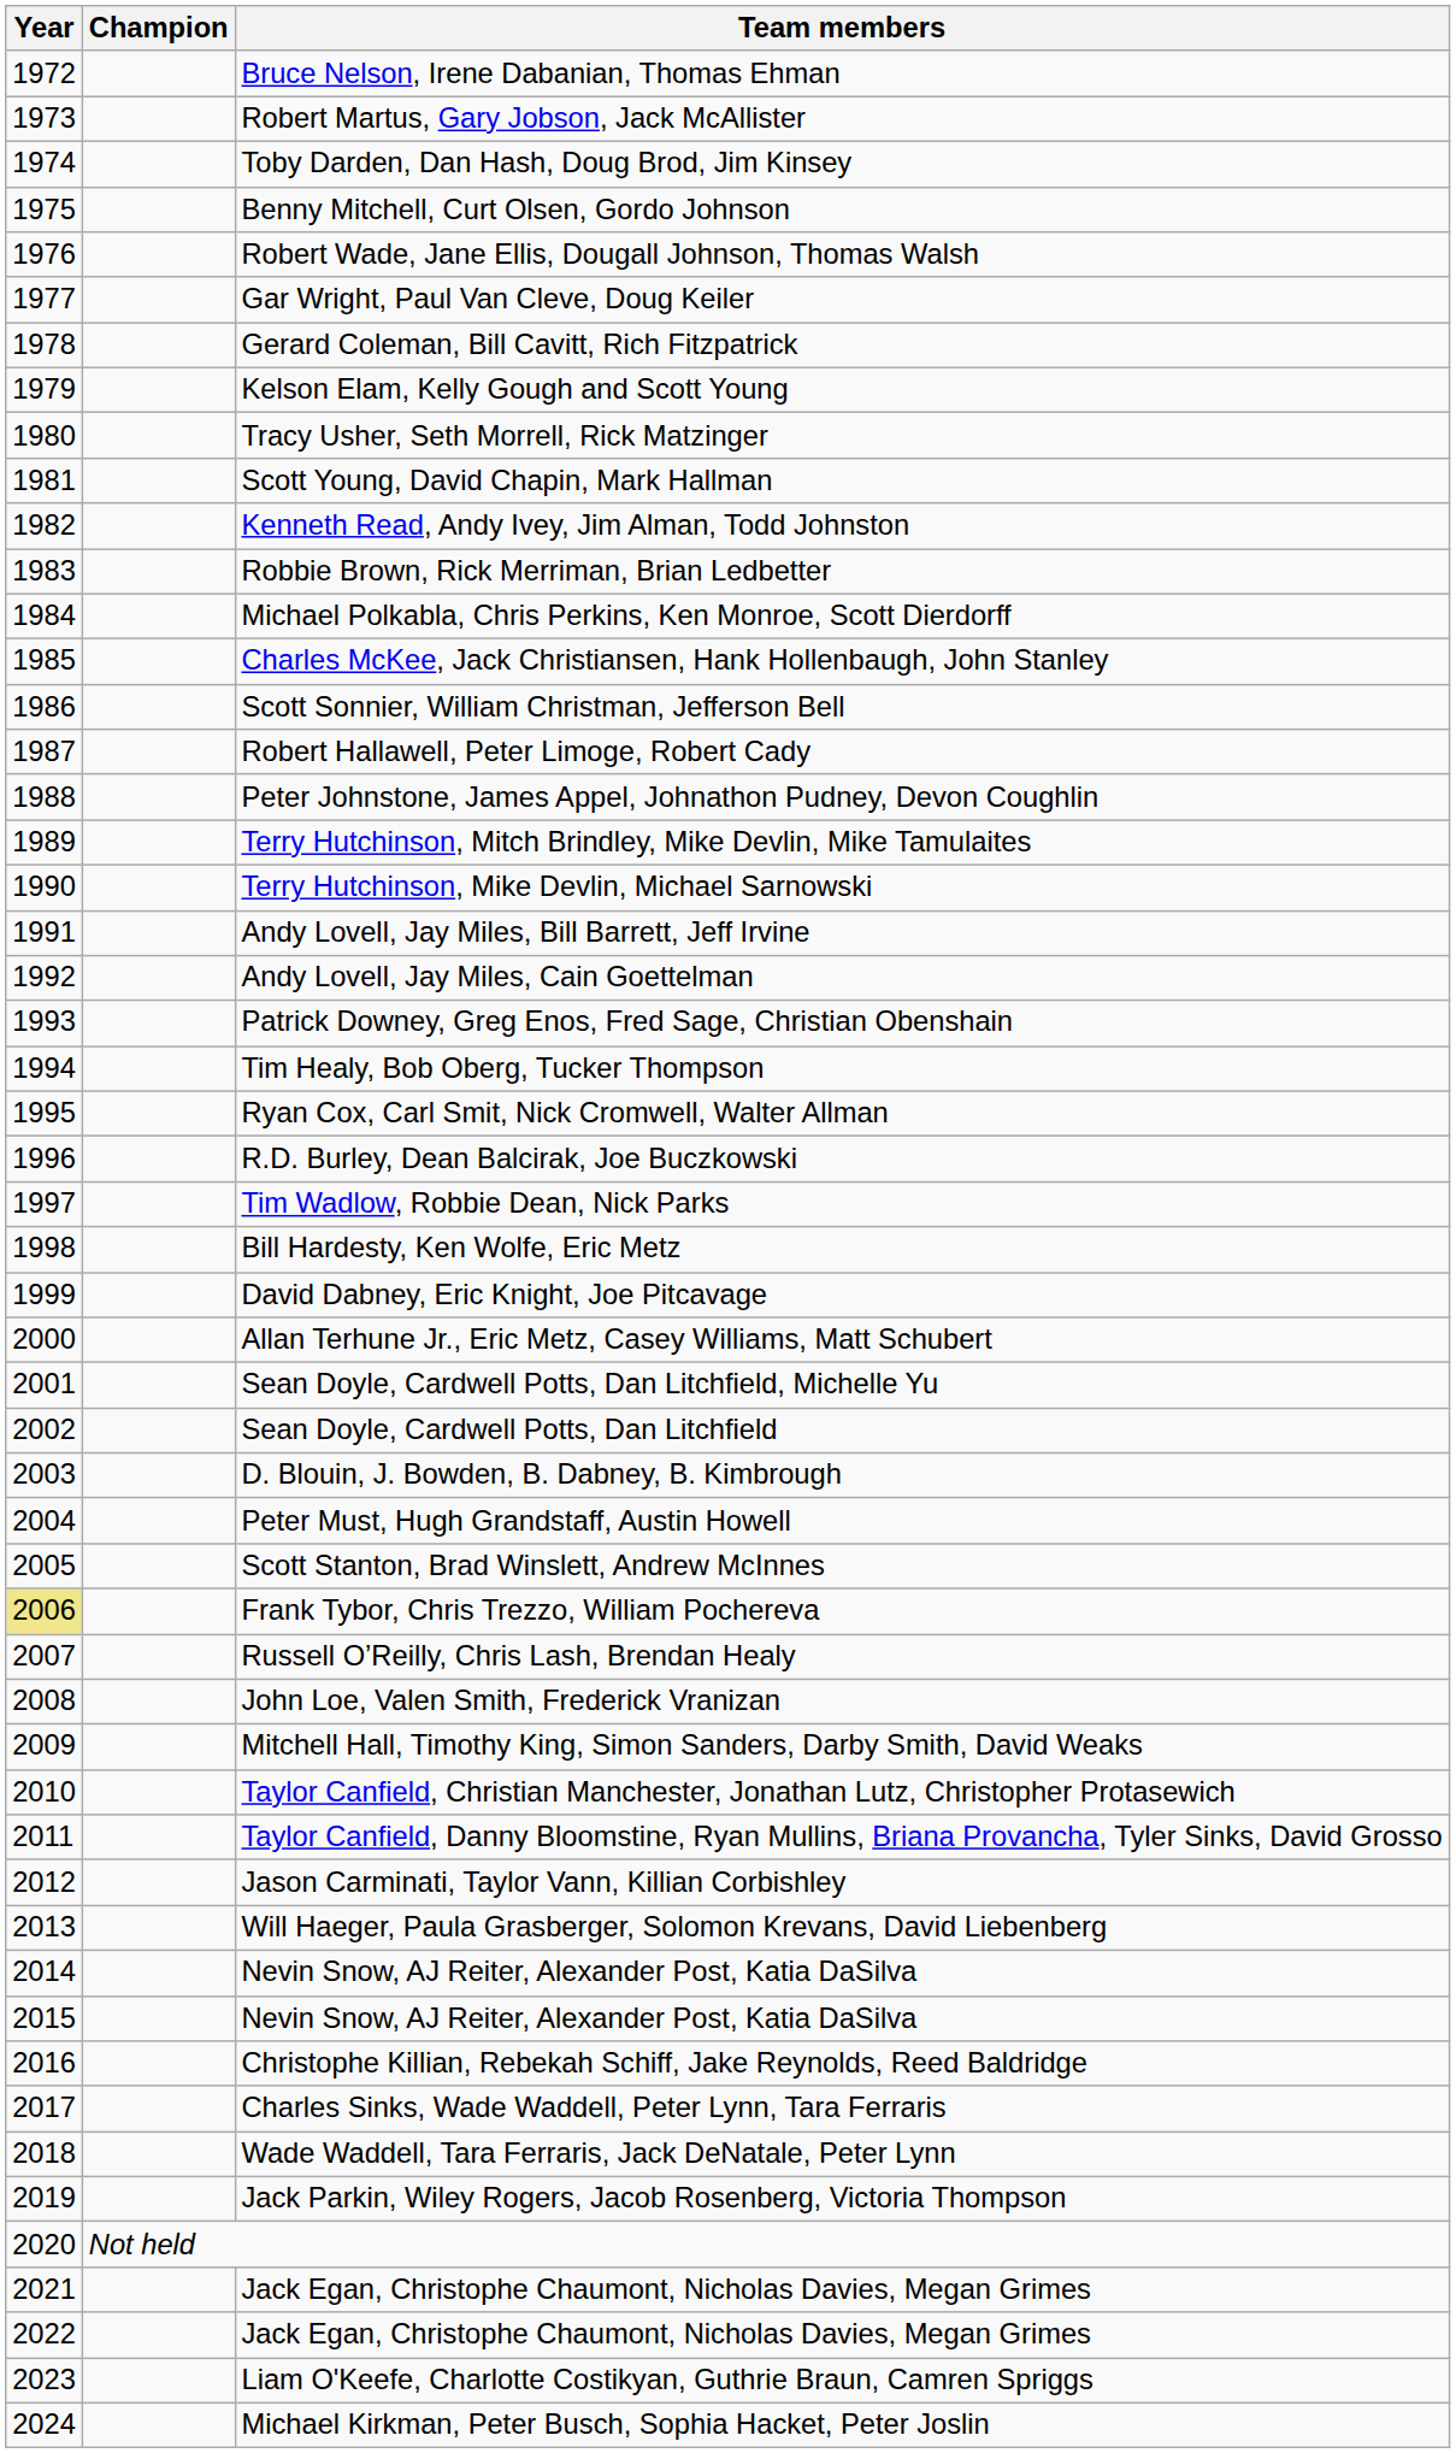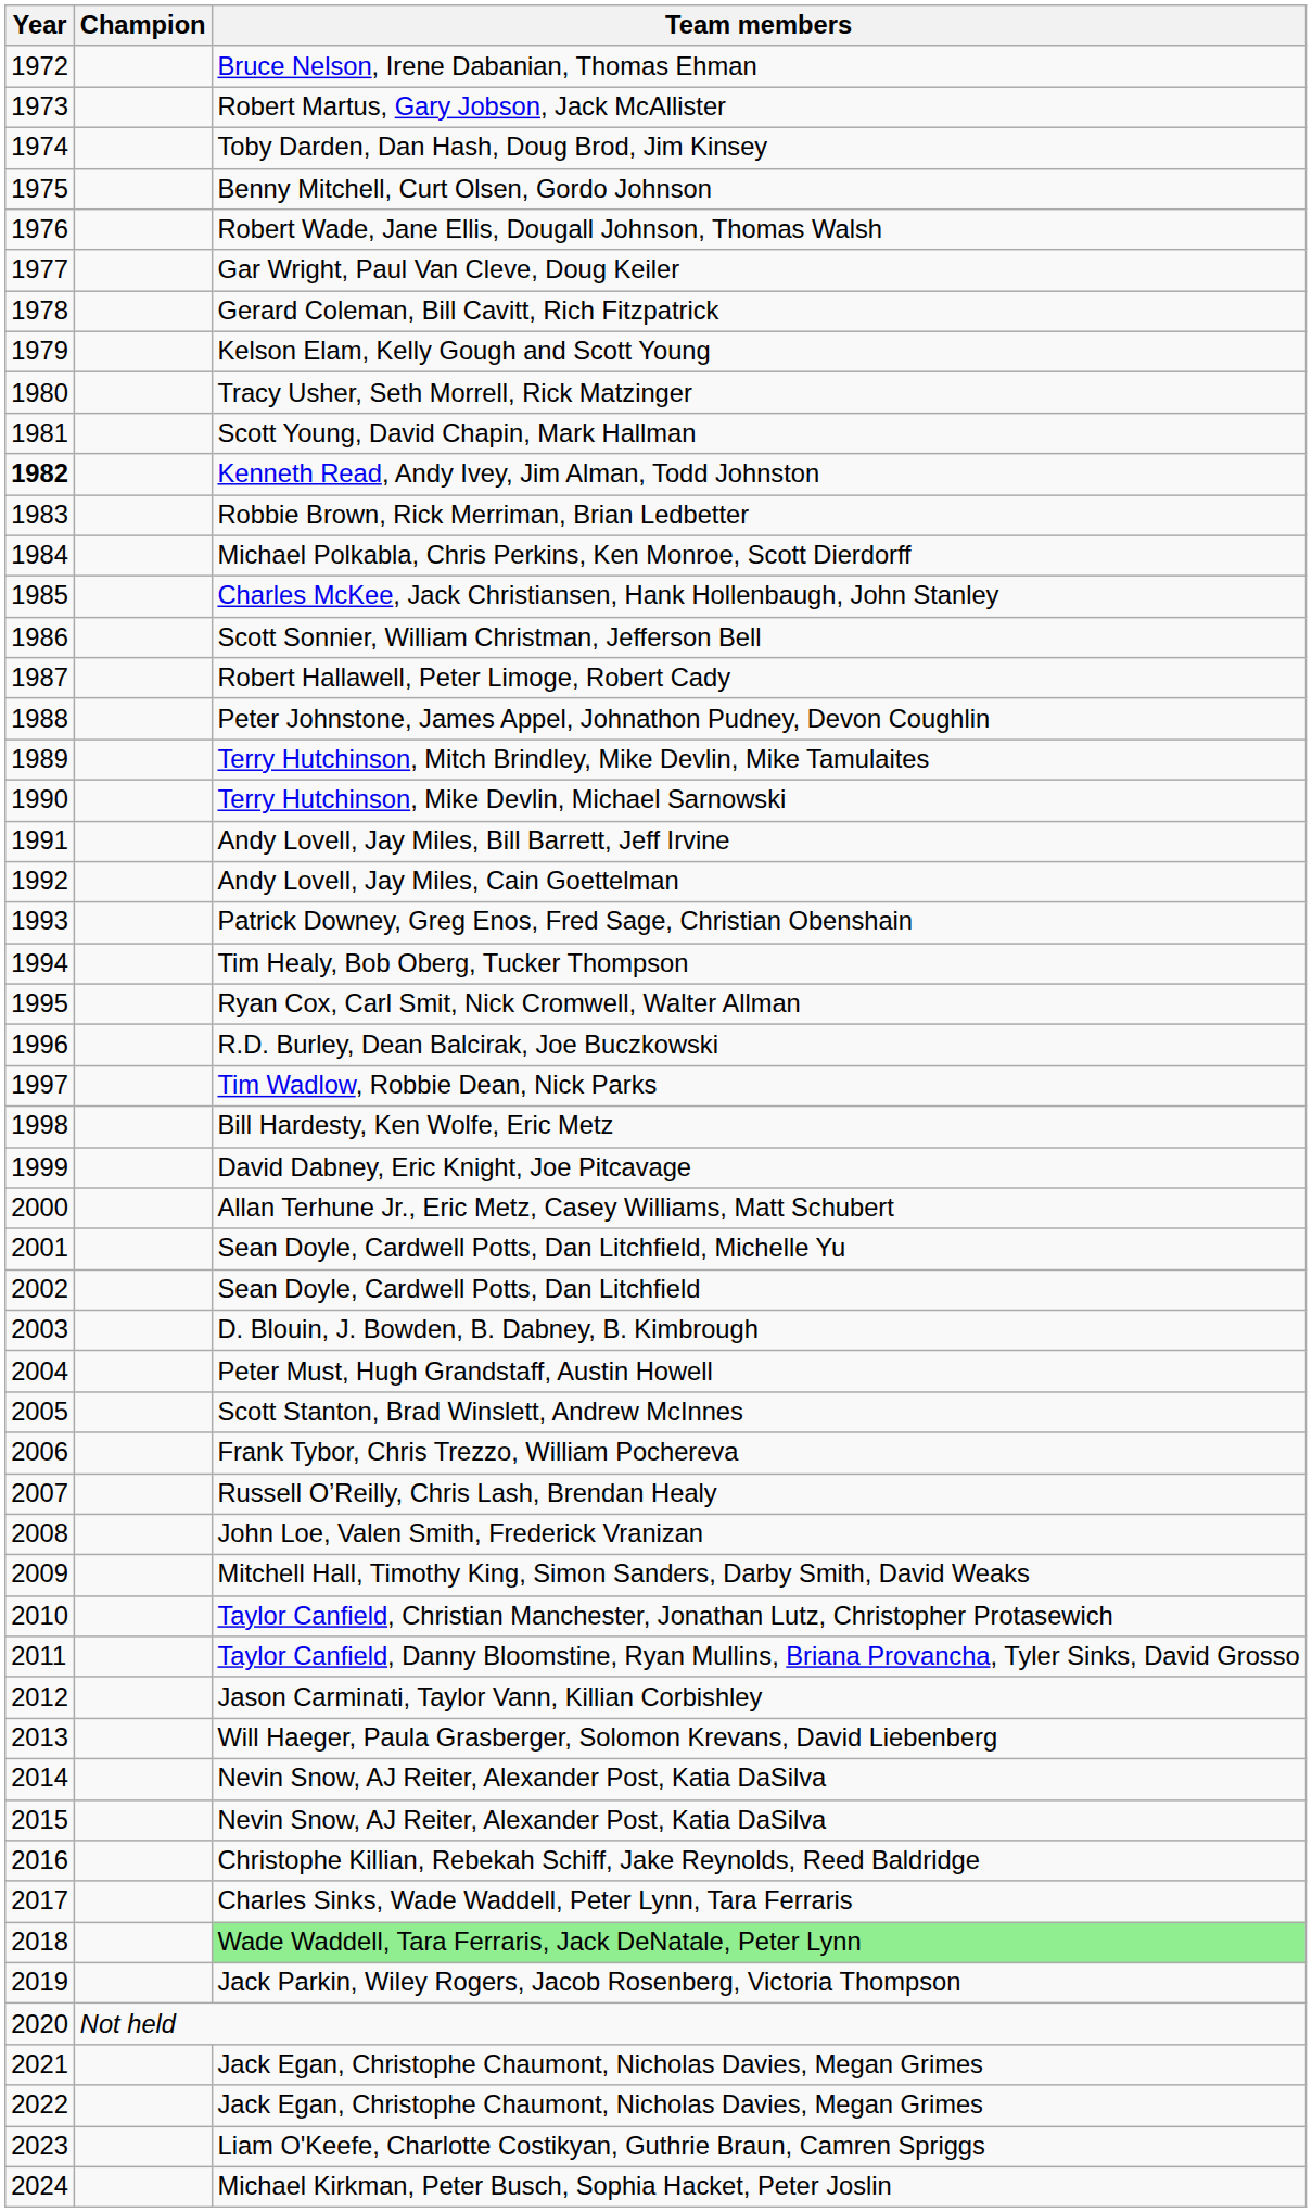 <table class="wikitable">
 <tr>
 <th>Year</th>
 <th>Champion</th>
 <th>Team members</th>
 </tr>
 <tr>
 <td>1972</td>
 <td></td>
 <td><a href='#'>Bruce Nelson</a>, Irene Dabanian, Thomas Ehman</td>
 </tr>
 <tr>
 <td>1973</td>
 <td></td>
 <td>Robert Martus, <a href='#'>Gary Jobson</a>, Jack McAllister</td>
 </tr>
 <tr>
 <td>1974</td>
 <td></td>
 <td>Toby Darden, Dan Hash, Doug Brod, Jim Kinsey</td>
 </tr>
 <tr>
 <td>1975</td>
 <td></td>
 <td>Benny Mitchell, Curt Olsen, Gordo Johnson</td>
 </tr>
 <tr>
 <td>1976</td>
 <td></td>
 <td>Robert Wade, Jane Ellis, Dougall Johnson, Thomas Walsh</td>
 </tr>
 <tr>
 <td>1977</td>
 <td></td>
 <td>Gar Wright, Paul Van Cleve, Doug Keiler</td>
 </tr>
 <tr>
 <td>1978</td>
 <td></td>
 <td>Gerard Coleman, Bill Cavitt, Rich Fitzpatrick</td>
 </tr>
 <tr>
 <td>1979</td>
 <td></td>
 <td>Kelson Elam, Kelly Gough and Scott Young</td>
 </tr>
 <tr>
 <td>1980</td>
 <td></td>
 <td>Tracy Usher, Seth Morrell, Rick Matzinger</td>
 </tr>
 <tr>
 <td>1981</td>
 <td></td>
 <td>Scott Young, David Chapin, Mark Hallman</td>
 </tr>
 <tr>
-<td>1982</td>
+<td><strong>1982</strong></td>
 <td></td>
 <td><a href='#'>Kenneth Read</a>, Andy Ivey, Jim Alman, Todd Johnston</td>
 </tr>
 <tr>
 <td>1983</td>
 <td></td>
 <td>Robbie Brown, Rick Merriman, Brian Ledbetter</td>
 </tr>
 <tr>
 <td>1984</td>
 <td></td>
 <td>Michael Polkabla, Chris Perkins, Ken Monroe, Scott Dierdorff</td>
 </tr>
 <tr>
 <td>1985</td>
 <td></td>
 <td><a href='#'>Charles McKee</a>, Jack Christiansen, Hank Hollenbaugh, John Stanley</td>
 </tr>
 <tr>
 <td>1986</td>
 <td></td>
 <td>Scott Sonnier, William Christman, Jefferson Bell</td>
 </tr>
 <tr>
 <td>1987</td>
 <td></td>
 <td>Robert Hallawell, Peter Limoge, Robert Cady</td>
 </tr>
 <tr>
 <td>1988</td>
 <td></td>
 <td>Peter Johnstone, James Appel, Johnathon Pudney, Devon Coughlin</td>
 </tr>
 <tr>
 <td>1989</td>
 <td></td>
 <td><a href='#'>Terry Hutchinson</a>, Mitch Brindley, Mike Devlin, Mike Tamulaites</td>
 </tr>
 <tr>
 <td>1990</td>
 <td></td>
 <td><a href='#'>Terry Hutchinson</a>, Mike Devlin, Michael Sarnowski</td>
 </tr>
 <tr>
 <td>1991</td>
 <td></td>
 <td>Andy Lovell, Jay Miles, Bill Barrett, Jeff Irvine</td>
 </tr>
 <tr>
 <td>1992</td>
 <td></td>
 <td>Andy Lovell, Jay Miles, Cain Goettelman</td>
 </tr>
 <tr>
 <td>1993</td>
 <td></td>
 <td>Patrick Downey, Greg Enos, Fred Sage, Christian Obenshain</td>
 </tr>
 <tr>
 <td>1994</td>
 <td></td>
 <td>Tim Healy, Bob Oberg, Tucker Thompson</td>
 </tr>
 <tr>
 <td>1995</td>
 <td></td>
 <td>Ryan Cox, Carl Smit, Nick Cromwell, Walter Allman</td>
 </tr>
 <tr>
 <td>1996</td>
 <td></td>
 <td>R.D. Burley, Dean Balcirak, Joe Buczkowski</td>
 </tr>
 <tr>
 <td>1997</td>
 <td></td>
 <td><a href='#'>Tim Wadlow</a>, Robbie Dean, Nick Parks</td>
 </tr>
 <tr>
 <td>1998</td>
 <td></td>
 <td>Bill Hardesty, Ken Wolfe, Eric Metz</td>
 </tr>
 <tr>
 <td>1999</td>
 <td></td>
 <td>David Dabney, Eric Knight, Joe Pitcavage</td>
 </tr>
 <tr>
 <td>2000</td>
 <td></td>
 <td>Allan Terhune Jr., Eric Metz, Casey Williams, Matt Schubert</td>
 </tr>
 <tr>
 <td>2001</td>
 <td></td>
 <td>Sean Doyle, Cardwell Potts, Dan Litchfield, Michelle Yu</td>
 </tr>
 <tr>
 <td>2002</td>
 <td></td>
 <td>Sean Doyle, Cardwell Potts, Dan Litchfield</td>
 </tr>
 <tr>
 <td>2003</td>
 <td></td>
 <td>D. Blouin, J. Bowden, B. Dabney, B. Kimbrough</td>
 </tr>
 <tr>
 <td>2004</td>
 <td></td>
 <td>Peter Must, Hugh Grandstaff, Austin Howell</td>
 </tr>
 <tr>
 <td>2005</td>
 <td></td>
 <td>Scott Stanton, Brad Winslett, Andrew McInnes</td>
 </tr>
 <tr>
-<td style="background: khaki;">2006</td>
+<td>2006</td>
 <td></td>
 <td>Frank Tybor, Chris Trezzo, William Pochereva</td>
 </tr>
 <tr>
 <td>2007</td>
 <td></td>
 <td>Russell O’Reilly, Chris Lash, Brendan Healy</td>
 </tr>
 <tr>
 <td>2008</td>
 <td></td>
 <td>John Loe, Valen Smith, Frederick Vranizan</td>
 </tr>
 <tr>
 <td>2009</td>
 <td></td>
 <td>Mitchell Hall, Timothy King, Simon Sanders, Darby Smith, David Weaks</td>
 </tr>
 <tr>
 <td>2010</td>
 <td></td>
 <td><a href='#'>Taylor Canfield</a>, Christian Manchester, Jonathan Lutz, Christopher Protasewich</td>
 </tr>
 <tr>
 <td>2011</td>
 <td></td>
 <td><a href='#'>Taylor Canfield</a>, Danny Bloomstine, Ryan Mullins, <a href='#'>Briana Provancha</a>, Tyler Sinks, David Grosso</td>
 </tr>
 <tr>
 <td>2012</td>
 <td></td>
 <td>Jason Carminati, Taylor Vann, Killian Corbishley</td>
 </tr>
 <tr>
 <td>2013</td>
 <td></td>
 <td>Will Haeger, Paula Grasberger, Solomon Krevans, David Liebenberg</td>
 </tr>
 <tr>
 <td>2014</td>
 <td></td>
 <td>Nevin Snow, AJ Reiter, Alexander Post, Katia DaSilva</td>
 </tr>
 <tr>
 <td>2015</td>
 <td></td>
 <td>Nevin Snow, AJ Reiter, Alexander Post, Katia DaSilva</td>
 </tr>
 <tr>
 <td>2016</td>
 <td></td>
 <td>Christophe Killian, Rebekah Schiff, Jake Reynolds, Reed Baldridge</td>
 </tr>
 <tr>
 <td>2017</td>
 <td></td>
 <td>Charles Sinks, Wade Waddell, Peter Lynn, Tara Ferraris</td>
 </tr>
 <tr>
 <td>2018</td>
 <td></td>
-<td>Wade Waddell, Tara Ferraris, Jack DeNatale, Peter Lynn</td>
+<td style="background: lightgreen;">Wade Waddell, Tara Ferraris, Jack DeNatale, Peter Lynn</td>
 </tr>
 <tr>
 <td>2019</td>
 <td></td>
 <td>Jack Parkin, Wiley Rogers, Jacob Rosenberg, Victoria Thompson</td>
 </tr>
 <tr>
 <td>2020</td>
 <td colspan="2"><em>Not held</em></td>
 </tr>
 <tr>
 <td>2021</td>
 <td></td>
 <td>Jack Egan, Christophe Chaumont, Nicholas Davies, Megan Grimes</td>
 </tr>
 <tr>
 <td>2022</td>
 <td></td>
 <td>Jack Egan, Christophe Chaumont, Nicholas Davies, Megan Grimes</td>
 </tr>
 <tr>
 <td>2023</td>
 <td></td>
 <td>Liam O'Keefe, Charlotte Costikyan, Guthrie Braun, Camren Spriggs</td>
 </tr>
 <tr>
 <td>2024</td>
 <td></td>
 <td>Michael Kirkman, Peter Busch, Sophia Hacket, Peter Joslin</td>
 </tr>
 </table>
